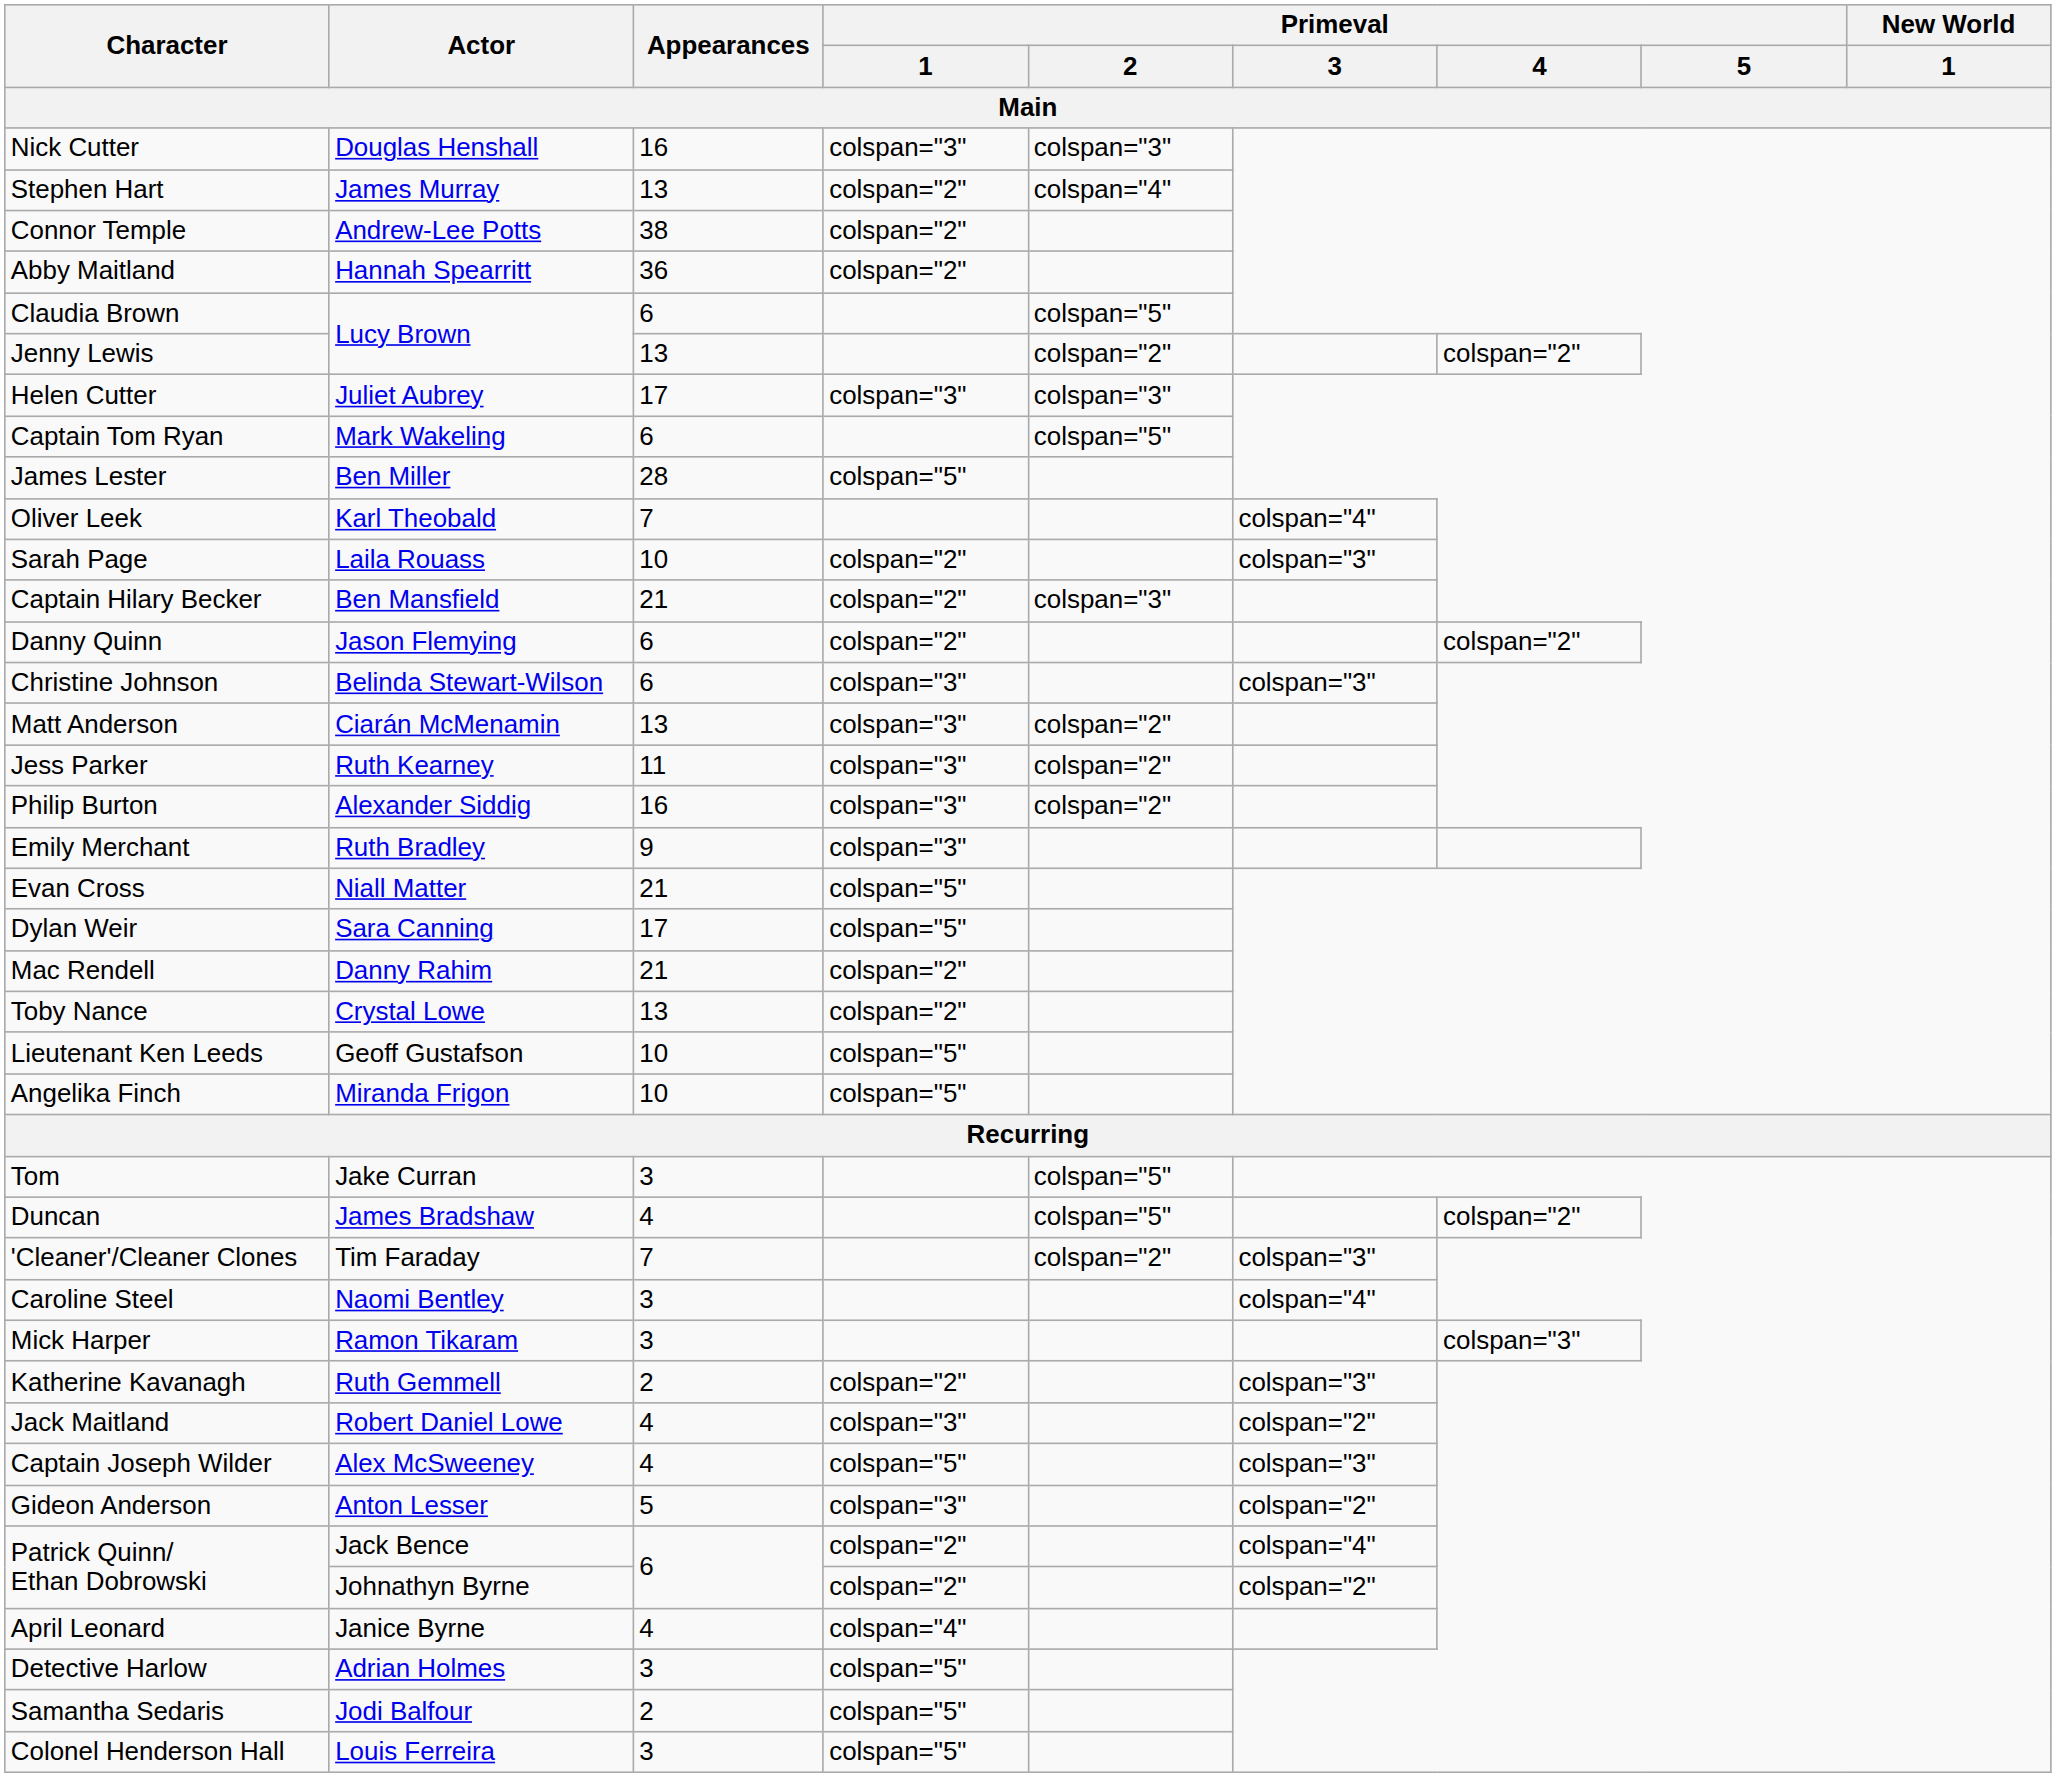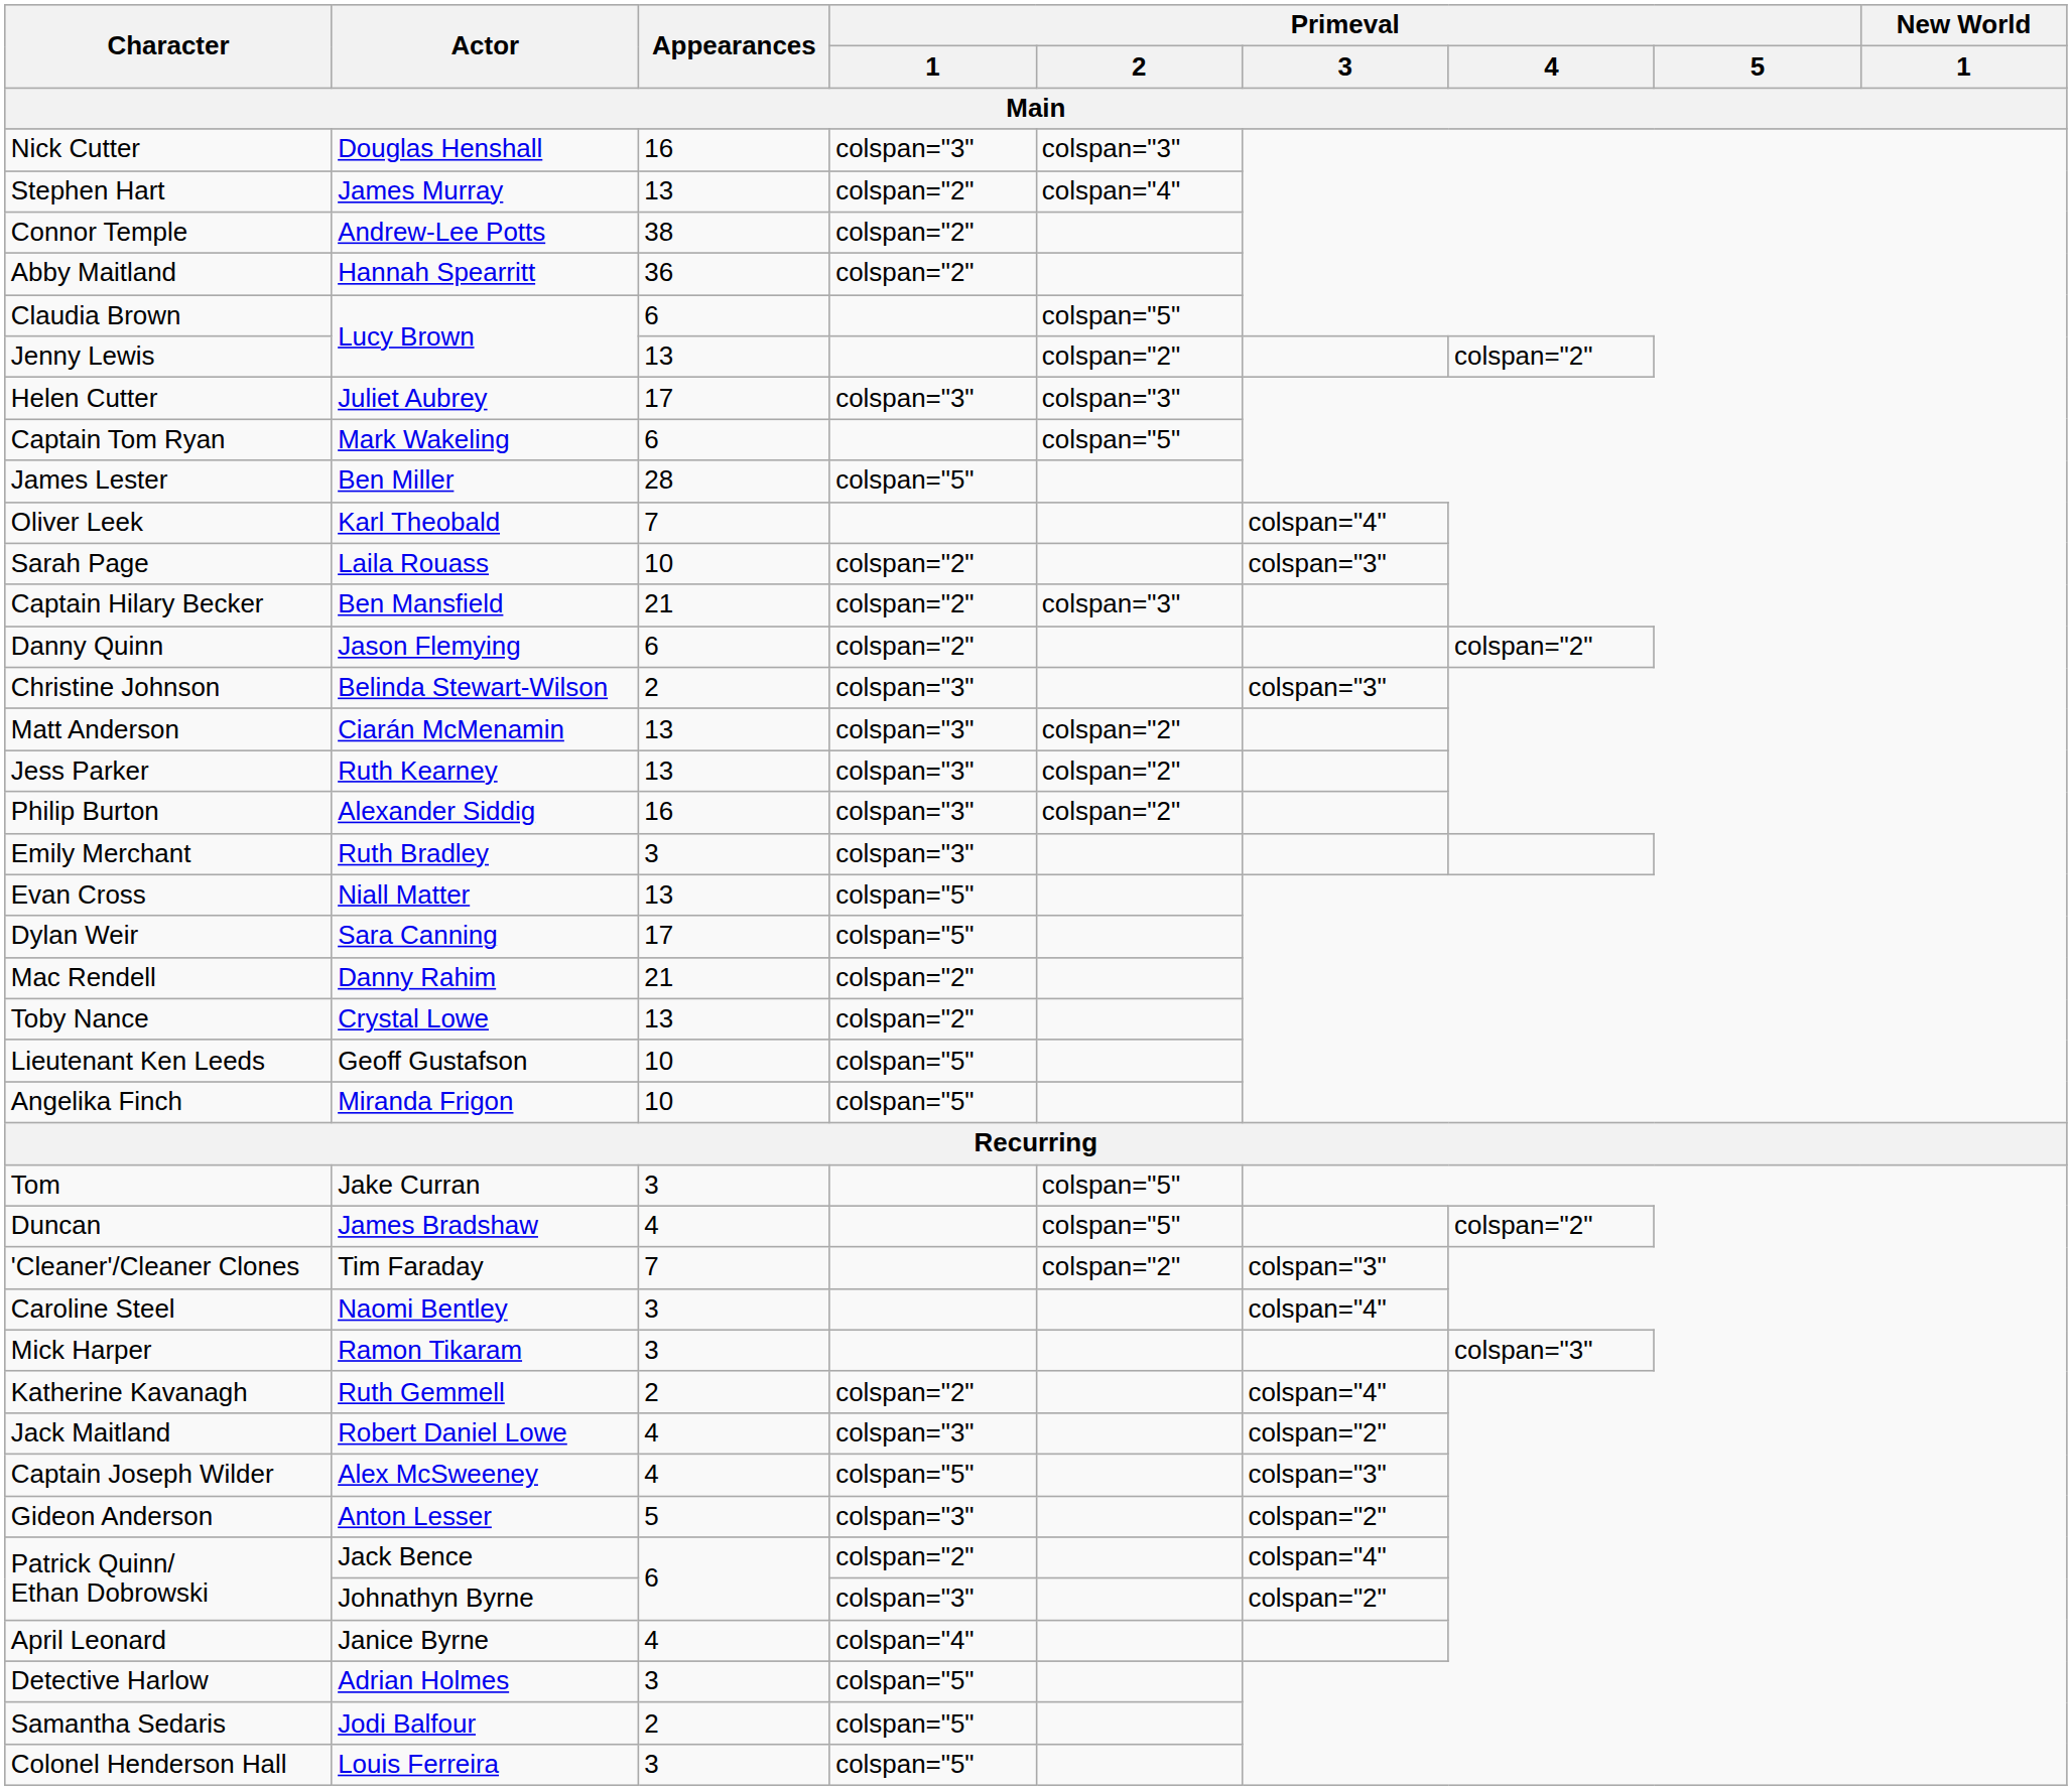 <table class="wikitable" style="width:100%;">
 <tr>
 <th rowspan="2">Character</th>
 <th rowspan="2">Actor</th>
 <th rowspan="2">Appearances</th>
 <th colspan="5">Primeval</th>
 <th>New World</th>
 </tr>
 <tr>
 <th style="width:10%;">1</th>
 <th style="width:10%;">2</th>
 <th style="width:10%;">3</th>
 <th style="width:10%;">4</th>
 <th style="width:10%;">5</th>
 <th style="width:10%;">1</th>
 </tr>
 <tr>
 <th colspan="9">Main</th>
 </tr>
 <tr>
 <td>Nick Cutter</td>
 <td><a href='#'>Douglas Henshall</a></td>
 <td>16</td>
 <td>colspan="3" </td>
 <td>colspan="3"  </td>
 </tr>
 <tr>
 <td>Stephen Hart</td>
 <td><a href='#'>James Murray</a></td>
 <td>13</td>
 <td>colspan="2" </td>
 <td>colspan="4"  </td>
 </tr>
 <tr>
 <td>Connor Temple</td>
 <td><a href='#'>Andrew-Lee Potts</a></td>
 <td>38</td>
 <td>colspan="2" </td>
 <td></td>
 </tr>
 <tr>
 <td>Abby Maitland</td>
 <td><a href='#'>Hannah Spearritt</a></td>
 <td>36</td>
 <td>colspan="2"  </td>
 <td></td>
 </tr>
 <tr>
 <td>Claudia Brown</td>
 <td rowspan="2"><a href='#'>Lucy Brown</a></td>
 <td>6</td>
 <td></td>
 <td>colspan="5"  </td>
 </tr>
 <tr>
 <td>Jenny Lewis</td>
 <td>13</td>
 <td></td>
 <td>colspan="2" </td>
 <td></td>
 <td>colspan="2"  </td>
 </tr>
 <tr>
 <td>Helen Cutter</td>
 <td><a href='#'>Juliet Aubrey</a></td>
 <td>17</td>
 <td>colspan="3" </td>
 <td>colspan="3"  </td>
 </tr>
 <tr>
 <td>Captain Tom Ryan</td>
 <td><a href='#'>Mark Wakeling</a></td>
 <td>6</td>
 <td></td>
 <td>colspan="5"  </td>
 </tr>
 <tr>
 <td>James Lester</td>
 <td><a href='#'>Ben Miller</a></td>
 <td>28</td>
 <td>colspan="5" </td>
 <td></td>
 </tr>
 <tr>
 <td>Oliver Leek</td>
 <td><a href='#'>Karl Theobald</a></td>
 <td>7</td>
 <td></td>
 <td></td>
 <td>colspan="4"  </td>
 </tr>
 <tr>
 <td>Sarah Page</td>
 <td><a href='#'>Laila Rouass</a></td>
 <td>10</td>
 <td>colspan="2"  </td>
 <td></td>
 <td>colspan="3"  </td>
 </tr>
 <tr>
 <td>Captain Hilary Becker</td>
 <td><a href='#'>Ben Mansfield</a></td>
 <td>21</td>
 <td>colspan="2"  </td>
 <td>colspan="3" </td>
 <td></td>
 </tr>
 <tr>
 <td>Danny Quinn</td>
 <td><a href='#'>Jason Flemying</a></td>
 <td>6</td>
 <td>colspan="2"  </td>
 <td></td>
 <td></td>
 <td>colspan="2"  </td>
 </tr>
 <tr>
 <td>Christine Johnson</td>
 <td><a href='#'>Belinda Stewart-Wilson</a></td>
-<td>6</td>
+<td>2</td>
 <td>colspan="3"  </td>
 <td></td>
 <td>colspan="3"  </td>
 </tr>
 <tr>
 <td>Matt Anderson</td>
 <td><a href='#'>Ciarán McMenamin</a></td>
 <td>13</td>
 <td>colspan="3"  </td>
 <td>colspan="2" </td>
 <td></td>
 </tr>
 <tr>
 <td>Jess Parker</td>
 <td><a href='#'>Ruth Kearney</a></td>
-<td>11</td>
+<td>13</td>
 <td>colspan="3"  </td>
 <td>colspan="2" </td>
 <td></td>
 </tr>
 <tr>
 <td>Philip Burton</td>
 <td><a href='#'>Alexander Siddig</a></td>
 <td>16</td>
 <td>colspan="3"  </td>
 <td>colspan="2" </td>
 <td></td>
 </tr>
 <tr>
 <td>Emily Merchant</td>
 <td><a href='#'>Ruth Bradley</a></td>
-<td>9</td>
+<td>3</td>
 <td>colspan="3"  </td>
 <td></td>
 <td></td>
 <td></td>
 </tr>
 <tr>
 <td>Evan Cross</td>
 <td><a href='#'>Niall Matter</a></td>
-<td>21</td>
+<td>13</td>
 <td>colspan="5"  </td>
 <td></td>
 </tr>
 <tr>
 <td>Dylan Weir</td>
 <td><a href='#'>Sara Canning</a></td>
 <td>17</td>
 <td>colspan="5"  </td>
 <td></td>
 </tr>
 <tr>
 <td>Mac Rendell</td>
 <td><a href='#'>Danny Rahim</a></td>
 <td>21</td>
 <td>colspan="2"  </td>
 <td></td>
 </tr>
 <tr>
 <td>Toby Nance</td>
 <td><a href='#'>Crystal Lowe</a></td>
 <td>13</td>
 <td>colspan="2"  </td>
 <td></td>
 </tr>
 <tr>
 <td>Lieutenant Ken Leeds</td>
 <td>Geoff Gustafson</td>
 <td>10</td>
 <td>colspan="5"  </td>
 <td></td>
 </tr>
 <tr>
 <td>Angelika Finch</td>
 <td><a href='#'>Miranda Frigon</a></td>
 <td>10</td>
 <td>colspan="5"  </td>
 <td></td>
 </tr>
 <tr>
 <th colspan="9">Recurring</th>
 </tr>
 <tr>
 <td>Tom</td>
 <td>Jake Curran</td>
 <td>3</td>
 <td></td>
 <td>colspan="5"  </td>
 </tr>
 <tr>
 <td>Duncan</td>
 <td><a href='#'>James Bradshaw</a></td>
 <td>4</td>
 <td></td>
 <td>colspan="5"  </td>
 <td></td>
 <td>colspan="2"  </td>
 </tr>
 <tr>
 <td>'Cleaner'/Cleaner Clones</td>
 <td>Tim Faraday</td>
 <td>7</td>
 <td></td>
 <td>colspan="2" </td>
 <td>colspan="3"  </td>
 </tr>
 <tr>
 <td>Caroline Steel</td>
 <td><a href='#'>Naomi Bentley</a></td>
 <td>3</td>
 <td></td>
 <td></td>
 <td>colspan="4"  </td>
 </tr>
 <tr>
 <td>Mick Harper</td>
 <td><a href='#'>Ramon Tikaram</a></td>
 <td>3</td>
 <td></td>
 <td></td>
 <td></td>
 <td>colspan="3"  </td>
 </tr>
 <tr>
 <td>Katherine Kavanagh</td>
 <td><a href='#'>Ruth Gemmell</a></td>
 <td>2</td>
 <td>colspan="2"  </td>
 <td></td>
-<td>colspan="3"  </td>
+<td>colspan="4"  </td>
 </tr>
 <tr>
 <td>Jack Maitland</td>
 <td><a href='#'>Robert Daniel Lowe</a></td>
 <td>4</td>
 <td>colspan="3"  </td>
 <td></td>
 <td>colspan="2"  </td>
 </tr>
 <tr>
 <td>Captain Joseph Wilder</td>
 <td><a href='#'>Alex McSweeney</a></td>
 <td>4</td>
 <td>colspan="5"  </td>
 <td></td>
 <td>colspan="3"  </td>
 </tr>
 <tr>
 <td>Gideon Anderson</td>
 <td><a href='#'>Anton Lesser</a></td>
 <td>5</td>
 <td>colspan="3"  </td>
 <td></td>
 <td>colspan="2"  </td>
 </tr>
 <tr>
 <td rowspan="2">Patrick Quinn/<br>Ethan Dobrowski</td>
 <td>Jack Bence</td>
 <td rowspan="2">6</td>
 <td>colspan="2"  </td>
 <td></td>
 <td>colspan="4"  </td>
 </tr>
 <tr>
 <td>Johnathyn Byrne</td>
-<td>colspan="2" </td>
+<td>colspan="3"  </td>
 <td></td>
 <td>colspan="2"  </td>
 </tr>
 <tr>
 <td>April Leonard</td>
 <td>Janice Byrne</td>
 <td>4</td>
 <td>colspan="4"  </td>
 <td></td>
 <td></td>
 </tr>
 <tr>
 <td>Detective Harlow</td>
 <td><a href='#'>Adrian Holmes</a></td>
 <td>3</td>
 <td>colspan="5"  </td>
 <td></td>
 </tr>
 <tr>
 <td>Samantha Sedaris</td>
 <td><a href='#'>Jodi Balfour</a></td>
 <td>2</td>
 <td>colspan="5"  </td>
 <td></td>
 </tr>
 <tr>
 <td>Colonel Henderson Hall</td>
 <td><a href='#'>Louis Ferreira</a></td>
 <td>3</td>
 <td>colspan="5"  </td>
 <td></td>
 </tr>
 </table>
